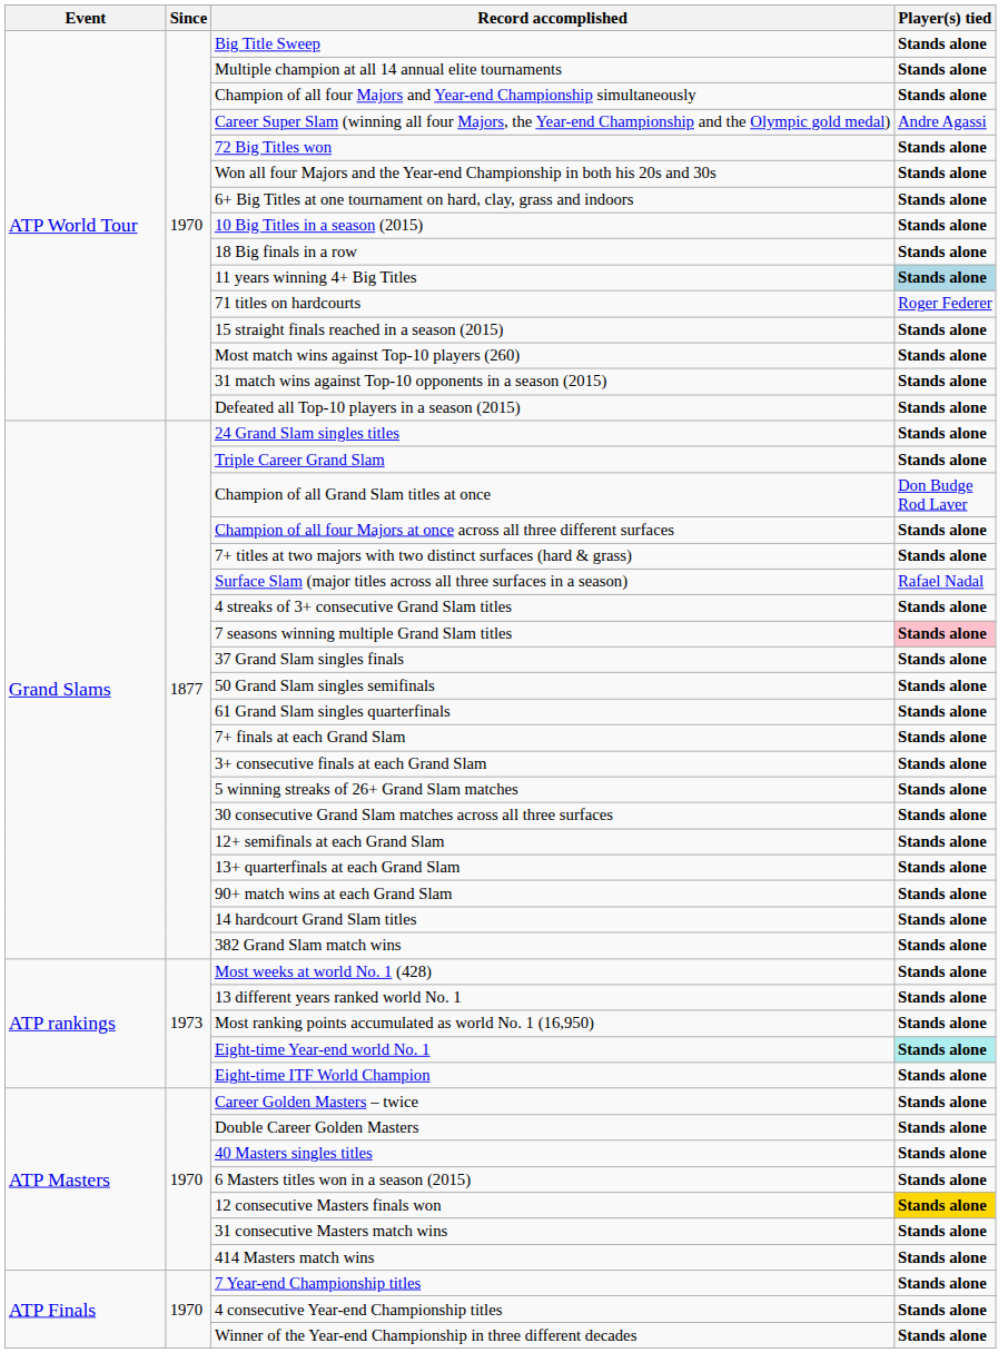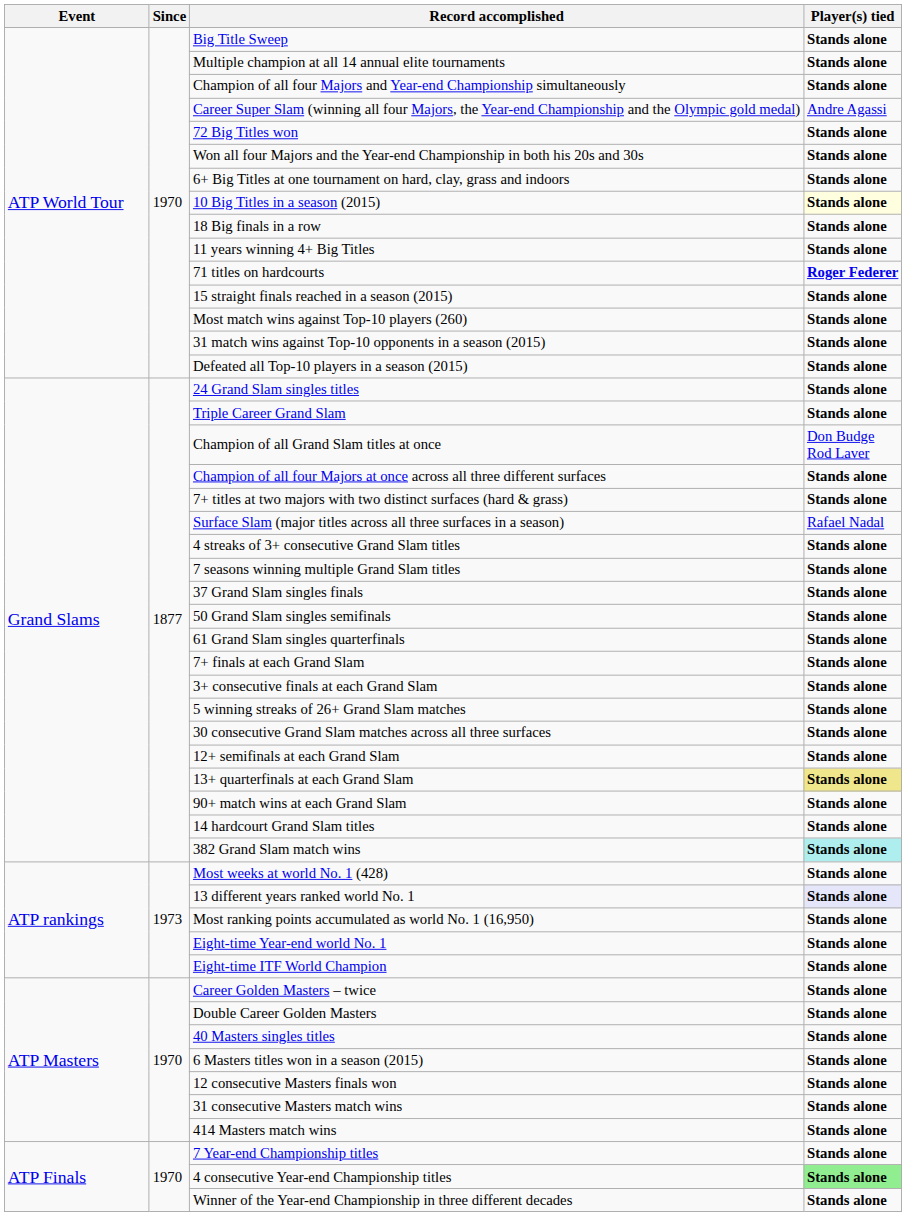 <table class="wikitable">
 <tr>
 <th width="150">Event</th>
 <th>Since</th>
 <th>Record accomplished</th>
 <th>Player(s) tied</th>
 </tr>
 <tr>
 <td rowspan="15"><big><a href='#'>ATP World Tour</a></big></td>
 <td rowspan="15">1970</td>
 <td><a href='#'>Big Title Sweep</a></td>
 <td><strong>Stands alone</strong></td>
 </tr>
 <tr>
 <td>Multiple champion at all 14 annual elite tournaments</td>
 <td><strong>Stands alone</strong></td>
 </tr>
 <tr>
 <td>Champion of all four <a href='#'>Majors</a> and <a href='#'>Year-end Championship</a> simultaneously</td>
 <td><strong>Stands alone</strong></td>
 </tr>
 <tr>
 <td><a href='#'>Career Super Slam</a> (winning all four <a href='#'>Majors</a>, the <a href='#'>Year-end Championship</a> and the <a href='#'>Olympic gold medal</a>)</td>
 <td><a href='#'>Andre Agassi</a></td>
 </tr>
 <tr>
 <td><a href='#'>72 Big Titles won</a></td>
 <td><strong>Stands alone</strong></td>
 </tr>
 <tr>
 <td>Won all four Majors and the Year-end Championship in both his 20s and 30s</td>
 <td><strong>Stands alone</strong></td>
 </tr>
 <tr>
 <td>6+ Big Titles at one tournament on hard, clay, grass and indoors</td>
 <td><strong>Stands alone</strong></td>
 </tr>
 <tr>
 <td><a href='#'>10 Big Titles in a season</a> (2015)</td>
-<td><strong>Stands alone</strong></td>
+<td style="background: lightyellow;"><strong>Stands alone</strong></td>
 </tr>
 <tr>
 <td>18 Big finals in a row</td>
 <td><strong>Stands alone</strong></td>
 </tr>
 <tr>
 <td>11 years winning 4+ Big Titles</td>
-<td style="background: lightblue;"><strong>Stands alone</strong></td>
+<td><strong>Stands alone</strong></td>
 </tr>
 <tr>
 <td>71 titles on hardcourts</td>
-<td><a href='#'>Roger Federer</a></td>
+<td><strong><a href='#'>Roger Federer</a></strong></td>
 </tr>
 <tr>
 <td>15 straight finals reached in a season (2015)</td>
 <td><strong>Stands alone</strong></td>
 </tr>
 <tr>
 <td>Most match wins against Top-10 players (260)</td>
 <td><strong>Stands alone</strong></td>
 </tr>
 <tr>
 <td>31 match wins against Top-10 opponents in a season (2015)</td>
 <td><strong>Stands alone</strong></td>
 </tr>
 <tr>
 <td>Defeated all Top-10 players in a season (2015)</td>
 <td><strong>Stands alone</strong></td>
 </tr>
 <tr>
 <td rowspan="20"><a href='#'><big>Grand Slams</big></a></td>
 <td rowspan="20">1877</td>
 <td><a href='#'>24 Grand Slam singles titles</a></td>
 <td><strong>Stands alone</strong></td>
 </tr>
 <tr>
 <td><a href='#'>Triple Career Grand Slam</a></td>
 <td><strong>Stands alone</strong></td>
 </tr>
 <tr>
 <td>Champion of all Grand Slam titles at once</td>
 <td><a href='#'>Don Budge</a><br><a href='#'>Rod Laver</a></td>
 </tr>
 <tr>
 <td><a href='#'>Champion of all four Majors at once</a> across all three different surfaces</td>
 <td><strong>Stands alone</strong></td>
 </tr>
 <tr>
 <td>7+ titles at two majors with two distinct surfaces (hard & grass)</td>
 <td><strong>Stands alone</strong></td>
 </tr>
 <tr>
 <td><a href='#'>Surface Slam</a> (major titles across all three surfaces in a season)</td>
 <td><a href='#'>Rafael Nadal</a></td>
 </tr>
 <tr>
 <td>4 streaks of 3+ consecutive Grand Slam titles</td>
 <td><strong>Stands alone</strong></td>
 </tr>
 <tr>
 <td>7 seasons winning multiple Grand Slam titles</td>
-<td style="background: pink;"><strong>Stands alone</strong></td>
+<td><strong>Stands alone</strong></td>
 </tr>
 <tr>
 <td>37 Grand Slam singles finals</td>
 <td><strong>Stands alone</strong></td>
 </tr>
 <tr>
 <td>50 Grand Slam singles semifinals</td>
 <td><strong>Stands alone</strong></td>
 </tr>
 <tr>
 <td>61 Grand Slam singles quarterfinals</td>
 <td><strong>Stands alone</strong></td>
 </tr>
 <tr>
 <td>7+ finals at each Grand Slam</td>
 <td><strong>Stands alone</strong></td>
 </tr>
 <tr>
 <td>3+ consecutive finals at each Grand Slam</td>
 <td><strong>Stands alone</strong></td>
 </tr>
 <tr>
 <td>5 winning streaks of 26+ Grand Slam matches</td>
 <td><strong>Stands alone</strong></td>
 </tr>
 <tr>
 <td>30 consecutive Grand Slam matches across all three surfaces</td>
 <td><strong>Stands alone</strong></td>
 </tr>
 <tr>
 <td>12+ semifinals at each Grand Slam</td>
 <td><strong>Stands alone</strong></td>
 </tr>
 <tr>
 <td>13+ quarterfinals at each Grand Slam</td>
-<td><strong>Stands alone</strong></td>
+<td style="background: khaki;"><strong>Stands alone</strong></td>
 </tr>
 <tr>
 <td>90+ match wins at each Grand Slam</td>
 <td><strong>Stands alone</strong></td>
 </tr>
 <tr>
 <td>14 hardcourt Grand Slam titles</td>
 <td><strong>Stands alone</strong></td>
 </tr>
 <tr>
 <td>382 Grand Slam match wins</td>
-<td><strong>Stands alone</strong></td>
+<td style="background: paleturquoise;"><strong>Stands alone</strong></td>
 </tr>
 <tr>
 <td rowspan="5"><big><a href='#'>ATP rankings</a></big></td>
 <td rowspan="5">1973</td>
 <td><a href='#'>Most weeks at world No. 1</a> (428)</td>
 <td><strong>Stands alone</strong></td>
 </tr>
 <tr>
 <td>13 different years ranked world No. 1</td>
-<td><strong>Stands alone</strong></td>
+<td style="background: lavender;"><strong>Stands alone</strong></td>
 </tr>
 <tr>
 <td>Most ranking points accumulated as world No. 1 (16,950)</td>
 <td><strong>Stands alone</strong></td>
 </tr>
 <tr>
 <td><a href='#'>Eight-time Year-end world No. 1</a></td>
-<td style="background: paleturquoise;"><strong>Stands alone</strong></td>
+<td><strong>Stands alone</strong></td>
 </tr>
 <tr>
 <td><a href='#'>Eight-time ITF World Champion</a></td>
 <td><strong>Stands alone</strong></td>
 </tr>
 <tr>
 <td rowspan="7"><a href='#'><big>ATP Masters</big></a></td>
 <td rowspan="7">1970</td>
 <td><a href='#'>Career Golden Masters</a> – twice</td>
 <td><strong>Stands alone</strong></td>
 </tr>
 <tr>
 <td>Double Career Golden Masters</td>
 <td><strong>Stands alone</strong></td>
 </tr>
 <tr>
 <td><a href='#'>40 Masters singles titles</a></td>
 <td><strong>Stands alone</strong></td>
 </tr>
 <tr>
 <td>6 Masters titles won in a season (2015)</td>
 <td><strong>Stands alone</strong></td>
 </tr>
 <tr>
 <td>12 consecutive Masters finals won</td>
-<td style="background: gold;"><strong>Stands alone</strong></td>
+<td><strong>Stands alone</strong></td>
 </tr>
 <tr>
 <td>31 consecutive Masters match wins</td>
 <td><strong>Stands alone</strong></td>
 </tr>
 <tr>
 <td>414 Masters match wins</td>
 <td><strong>Stands alone</strong></td>
 </tr>
 <tr>
 <td rowspan="3"><a href='#'><big>ATP Finals</big></a></td>
 <td rowspan="3">1970</td>
 <td><a href='#'>7 Year-end Championship titles</a></td>
 <td><strong>Stands alone</strong></td>
 </tr>
 <tr>
 <td>4 consecutive Year-end Championship titles</td>
-<td><strong>Stands alone</strong></td>
+<td style="background: lightgreen;"><strong>Stands alone</strong></td>
 </tr>
 <tr>
 <td>Winner of the Year-end Championship in three different decades</td>
 <td><strong>Stands alone</strong></td>
 </tr>
 </table>
